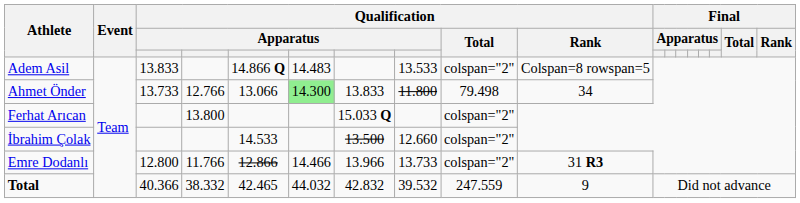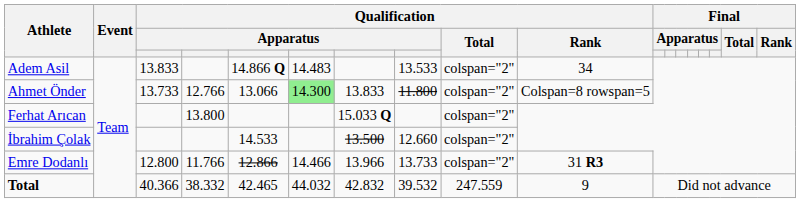 <table class="wikitable" style="font-size:90%">
 <tr>
 <th rowspan=3>Athlete</th>
 <th rowspan=3>Event</th>
 <th colspan =8>Qualification</th>
 <th colspan =8>Final</th>
 </tr>
 <tr style="font-size:95%">
 <th colspan=6>Apparatus</th>
 <th rowspan=2>Total</th>
 <th rowspan=2>Rank</th>
 <th colspan=6>Apparatus</th>
 <th rowspan=2>Total</th>
 <th rowspan=2>Rank</th>
 </tr>
 <tr style="font-size:95%">
 <th></th>
 <th></th>
 <th></th>
 <th></th>
 <th></th>
 <th></th>
 <th></th>
 <th></th>
 <th></th>
 <th></th>
 <th></th>
 <th></th>
 </tr>
 <tr align=center>
 <td align=left><a href='#'>Adem Asil</a></td>
 <td align=left rowspan=6><a href='#'>Team</a></td>
 <td>13.833</td>
 <td><s></s></td>
 <td>14.866 <strong>Q</strong></td>
 <td>14.483</td>
 <td></td>
 <td>13.533</td>
 <td>colspan="2" </td>
-<td>Colspan=8 rowspan=5</td>
+<td>34</td>
 </tr>
 <tr align=center>
 <td align=left><a href='#'>Ahmet Önder</a></td>
 <td>13.733</td>
 <td>12.766</td>
 <td>13.066</td>
 <td style="background: lightgreen;">14.300</td>
 <td>13.833</td>
 <td><s>11.800</s></td>
-<td>79.498</td>
-<td>34</td>
+<td>colspan="2" </td>
+<td>Colspan=8 rowspan=5</td>
 </tr>
 <tr align=center>
 <td align=left><a href='#'>Ferhat Arıcan</a></td>
 <td></td>
 <td>13.800</td>
 <td></td>
 <td><s></s></td>
 <td>15.033 <strong>Q</strong></td>
 <td></td>
 <td>colspan="2" </td>
 </tr>
 <tr align=center>
 <td align=left><a href='#'>İbrahim Çolak</a></td>
 <td><s></s></td>
 <td></td>
 <td>14.533</td>
 <td></td>
 <td><s>13.500</s></td>
 <td>12.660</td>
 <td>colspan="2" </td>
 </tr>
 <tr align=center>
 <td align=left><a href='#'>Emre Dodanlı</a></td>
 <td>12.800</td>
 <td>11.766</td>
 <td><s>12.866</s></td>
 <td>14.466</td>
 <td>13.966</td>
 <td>13.733</td>
 <td>colspan="2" </td>
 <td>31 <strong>R3</strong></td>
 </tr>
 <tr align=center>
 <td align=left><strong>Total</strong></td>
 <td>40.366</td>
 <td>38.332</td>
 <td>42.465</td>
 <td>44.032</td>
 <td>42.832</td>
 <td>39.532</td>
 <td>247.559</td>
 <td>9</td>
 <td colspan="8">Did not advance</td>
 </tr>
 </table>
